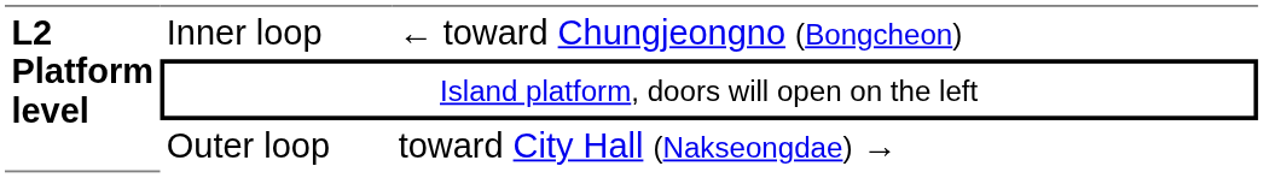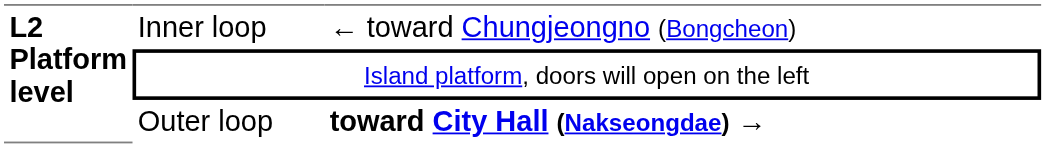 <table table border=0 cellspacing=0 cellpadding=3>
 <tr>
 <td style="border-top:solid 1px gray;border-bottom:solid 1px gray;" width=50 rowspan=10 valign=top><strong>L2<br>Platform level</strong></td>
 <td style="border-bottom:solid 0px gray;border-top:solid 1px gray;" width=100>Inner loop</td>
 <td style="border-bottom:solid 0px gray;border-top:solid 1px gray;" width=390>←  toward <a href='#'>Chungjeongno</a> <small>(<a href='#'>Bongcheon</a>)</small></td>
 </tr>
 <tr>
 <td style="border-top:solid 2px black;border-right:solid 2px black;border-left:solid 2px black;border-bottom:solid 2px black;text-align:center;" colspan=2><small><a href='#'>Island platform</a>, doors will open on the left </small></td>
 </tr>
 <tr>
 <td>Outer loop</td>
-<td>  toward <a href='#'>City Hall</a> <small>(<a href='#'>Nakseongdae</a>)</small> →</td>
+<td><strong>  toward <a href='#'>City Hall</a> <small>(<a href='#'>Nakseongdae</a>)</small> →</strong></td>
 </tr>
 </table>
